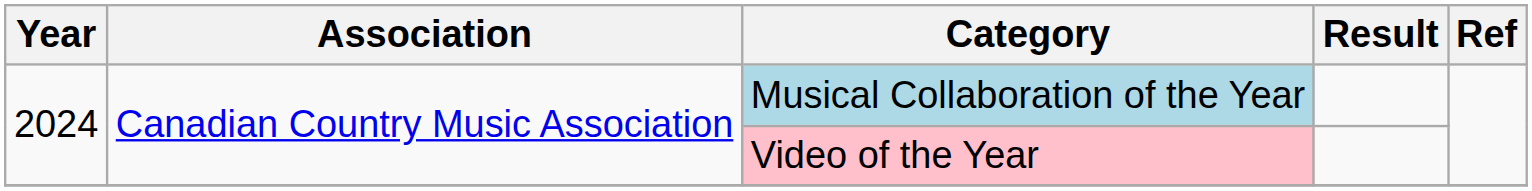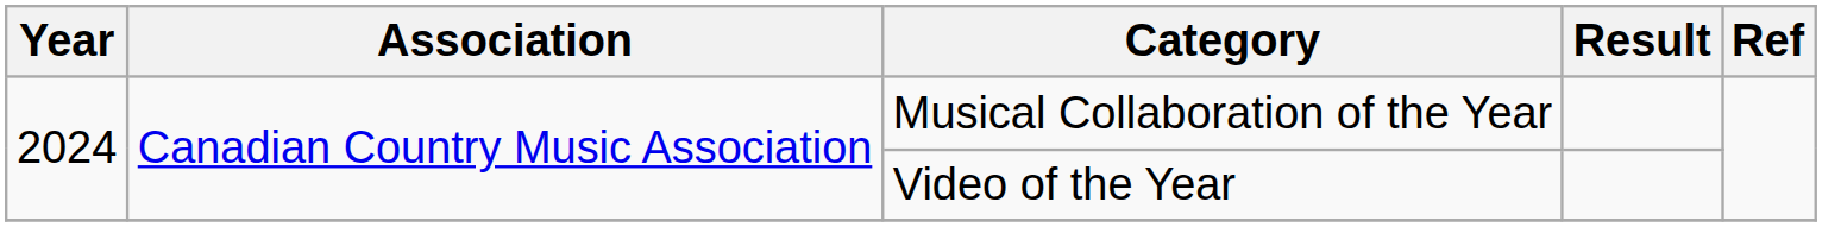 <table class="wikitable">
 <tr>
 <th>Year</th>
 <th>Association</th>
 <th>Category</th>
 <th>Result</th>
 <th>Ref</th>
 </tr>
 <tr>
 <td rowspan="2">2024</td>
 <td rowspan="2"><a href='#'>Canadian Country Music Association</a></td>
-<td style="background: lightblue;">Musical Collaboration of the Year</td>
+<td>Musical Collaboration of the Year</td>
 <td></td>
 <td rowspan="2”"></td>
 </tr>
 <tr>
-<td style="background: pink;">Video of the Year</td>
+<td>Video of the Year</td>
 <td></td>
 </tr>
 <tr>
 </tr>
 </table>
